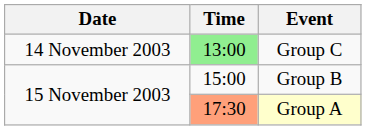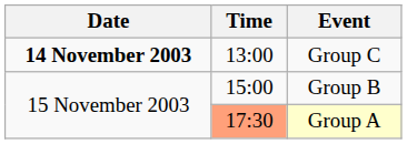 <table class = "wikitable" style="text-align:center;">
 <tr>
 <th width=150>Date</th>
 <th width=50>Time</th>
 <th width=80>Event</th>
 </tr>
 <tr>
-<td>14 November 2003</td>
-<td style="background: lightgreen;">13:00</td>
+<td><strong>14 November 2003</strong></td>
+<td>13:00</td>
 <td>Group C</td>
 </tr>
 <tr>
 <td rowspan=2>15 November 2003</td>
 <td>15:00</td>
 <td>Group B</td>
 </tr>
 <tr>
 <td style="background: lightsalmon;">17:30</td>
 <td bgcolor=ffffcc>Group A</td>
 </tr>
 </table>
